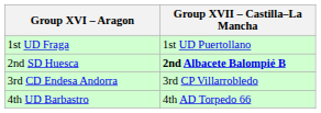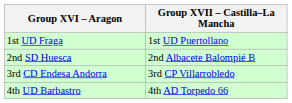 <table class="wikitable">
 <tr>
 <th width=210>Group XVI – Aragon </th>
 <th width=210>Group XVII – Castilla–La Mancha </th>
 </tr>
 <tr style="background:#D0FFD0;">
 <td>1st <a href='#'>UD Fraga</a></td>
 <td>1st <a href='#'>UD Puertollano</a></td>
 </tr>
 <tr style="background:#D0FFD0;">
 <td>2nd <a href='#'>SD Huesca</a></td>
-<td><strong>2nd <a href='#'>Albacete Balompié B</a></strong></td>
+<td>2nd <a href='#'>Albacete Balompié B</a></td>
 </tr>
 <tr style="background:#D0FFD0;">
 <td>3rd <a href='#'>CD Endesa Andorra</a></td>
 <td>3rd <a href='#'>CP Villarrobledo</a></td>
 </tr>
 <tr style="background:#D0FFD0;">
 <td>4th <a href='#'>UD Barbastro</a></td>
 <td>4th <a href='#'>AD Torpedo 66</a></td>
 </tr>
 </table>
